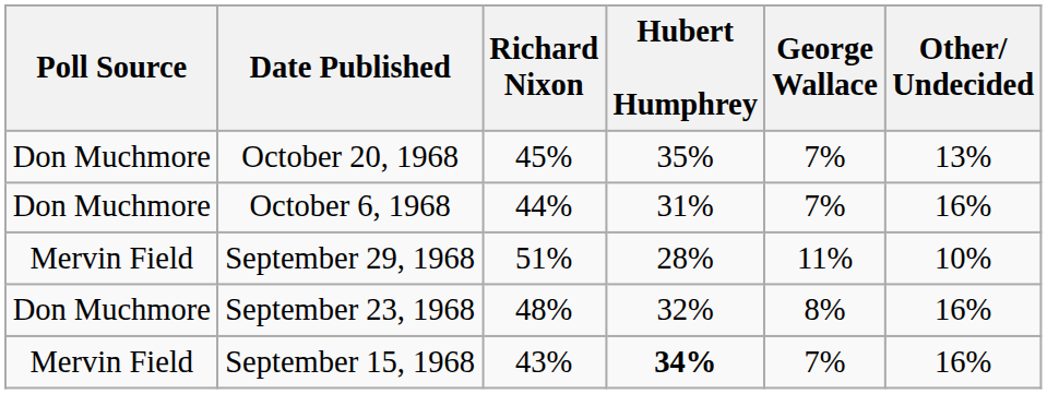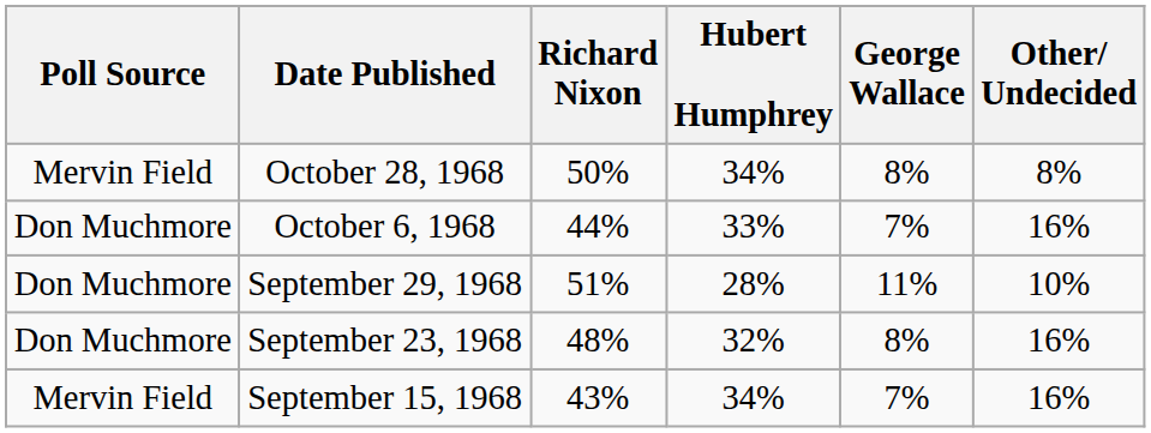 <table class="wikitable sortable mw-datatable" style="font-size:90%;text-align:center;line-height:17px">
 <tr>
 <th>Poll Source</th>
 <th>Date Published</th>
 <th>Richard<br>Nixon<br> </th>
 <th>Hubert <br><br>Humphrey <br> </th>
 <th>George<br>Wallace <br> </th>
 <th>Other/<br>Undecided</th>
 </tr>
 <tr>
-<td>Don Muchmore</td>
-<td>October 20, 1968</td>
-<td>45%</td>
-<td>35%</td>
-<td>7%</td>
-<td>13%</td>
+<td>Mervin Field</td>
+<td>October 28, 1968</td>
+<td>50%</td>
+<td>34%</td>
+<td>8%</td>
+<td>8%</td>
 </tr>
 <tr>
 <td>Don Muchmore</td>
 <td>October 6, 1968</td>
 <td>44%</td>
-<td>31%</td>
+<td>33%</td>
 <td>7%</td>
 <td>16%</td>
 </tr>
 <tr>
-<td>Mervin Field</td>
+<td>Don Muchmore</td>
 <td>September 29, 1968</td>
 <td>51%</td>
 <td>28%</td>
 <td>11%</td>
 <td>10%</td>
 </tr>
 <tr>
 <td>Don Muchmore</td>
 <td>September 23, 1968</td>
 <td>48%</td>
 <td>32%</td>
 <td>8%</td>
 <td>16%</td>
 </tr>
 <tr>
 <td>Mervin Field</td>
 <td>September 15, 1968</td>
 <td>43%</td>
-<td><strong>34%</strong></td>
+<td>34%</td>
 <td>7%</td>
 <td>16%</td>
 </tr>
 </table>
